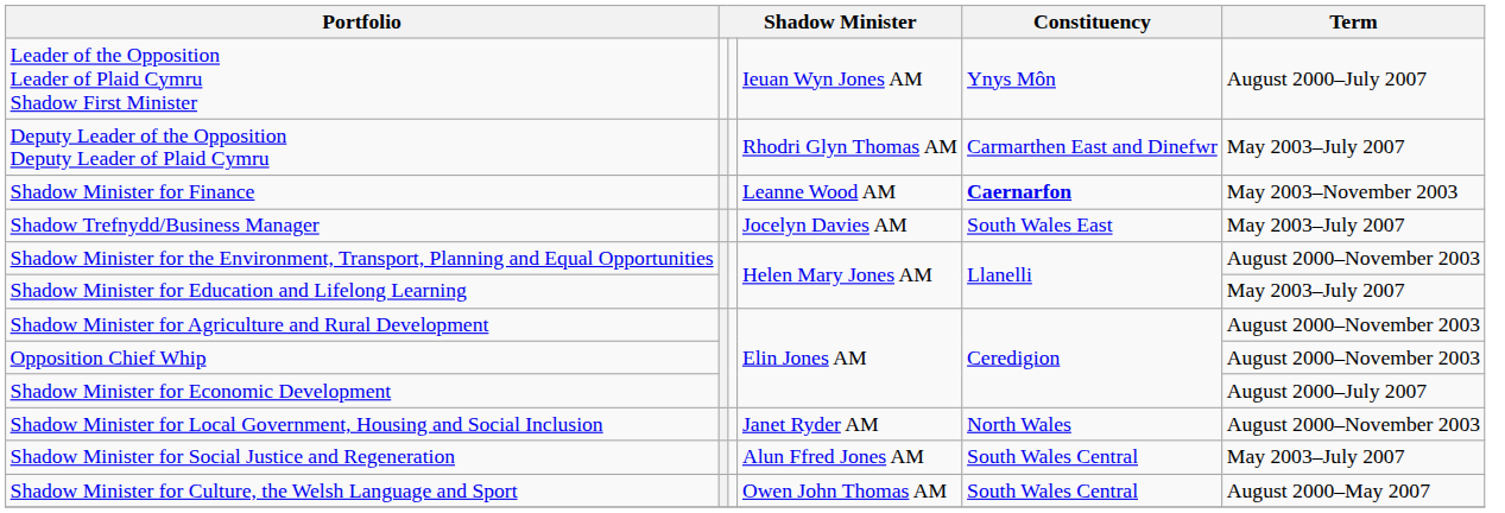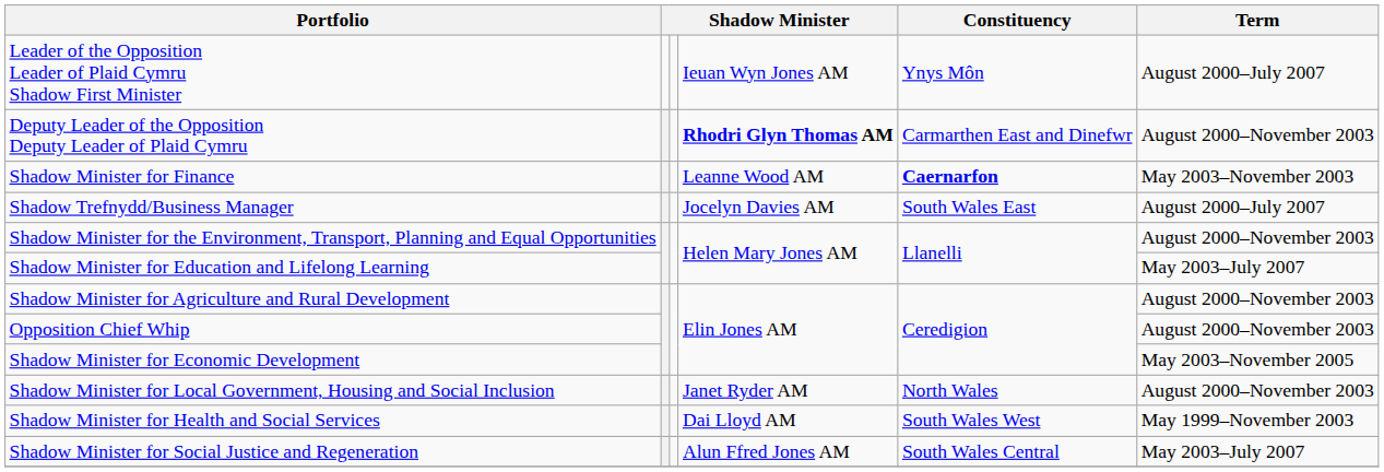 <table class="wikitable">
 <tr>
 <th colspan="1">Portfolio</th>
 <th colspan="3">Shadow Minister</th>
 <th colspan="1">Constituency</th>
 <th colspan="1">Term</th>
 </tr>
 <tr>
 <td><a href='#'>Leader of the Opposition</a><br><a href='#'>Leader of Plaid Cymru</a><br><a href='#'>Shadow First Minister</a></td>
 <td style="background: "></td>
 <td></td>
 <td><a href='#'>Ieuan Wyn Jones</a> AM</td>
 <td><a href='#'>Ynys Môn</a></td>
 <td>August 2000–July 2007</td>
 </tr>
 <tr>
 <td><a href='#'>Deputy Leader of the Opposition</a><br><a href='#'>Deputy Leader of Plaid Cymru</a></td>
 <th style="background: "></th>
 <td></td>
-<td><a href='#'>Rhodri Glyn Thomas</a> AM</td>
+<td><strong><a href='#'>Rhodri Glyn Thomas</a> AM</strong></td>
 <td><a href='#'>Carmarthen East and Dinefwr</a></td>
-<td>May 2003–July 2007</td>
+<td>August 2000–November 2003</td>
 </tr>
 <tr>
 <td><a href='#'>Shadow Minister for Finance</a></td>
 <th style="background: "></th>
 <td></td>
 <td><a href='#'>Leanne Wood</a> AM</td>
 <td><strong><a href='#'>Caernarfon</a></strong></td>
 <td>May 2003–November 2003</td>
 </tr>
 <tr>
 <td><a href='#'>Shadow Trefnydd/Business Manager</a></td>
 <th style="background: "></th>
 <td></td>
 <td><a href='#'>Jocelyn Davies</a> AM</td>
 <td><a href='#'>South Wales East</a></td>
-<td>May 2003–July 2007</td>
+<td>August 2000–July 2007</td>
 </tr>
 <tr>
 <td><a href='#'>Shadow Minister for the Environment, Transport, Planning and Equal Opportunities</a></td>
 <th rowspan="2" style="background-color: "></th>
 <td rowspan="2"></td>
 <td rowspan="2"><a href='#'>Helen Mary Jones</a> AM</td>
 <td rowspan="2"><a href='#'>Llanelli</a></td>
 <td>August 2000–November 2003</td>
 </tr>
 <tr>
 <td><a href='#'>Shadow Minister for Education and Lifelong Learning</a></td>
 <td>May 2003–July 2007</td>
 </tr>
 <tr>
 <td><a href='#'>Shadow Minister for Agriculture and Rural Development</a></td>
 <th rowspan="3" style="background-color: "></th>
 <td rowspan="3"></td>
 <td rowspan="3"><a href='#'>Elin Jones</a> AM</td>
 <td rowspan="3"><a href='#'>Ceredigion</a></td>
 <td>August 2000–November 2003</td>
 </tr>
 <tr>
 <td><a href='#'>Opposition Chief Whip</a></td>
 <td>August 2000–November 2003</td>
 </tr>
 <tr>
 <td><a href='#'>Shadow Minister for Economic Development</a></td>
-<td>August 2000–July 2007</td>
+<td>May 2003–November 2005</td>
 </tr>
 <tr>
 <td><a href='#'>Shadow Minister for Local Government, Housing and Social Inclusion</a></td>
 <th style="background-color: "></th>
 <td></td>
 <td><a href='#'>Janet Ryder</a> AM</td>
 <td><a href='#'>North Wales</a></td>
 <td>August 2000–November 2003</td>
 </tr>
 <tr>
+<td><a href='#'>Shadow Minister for Health and Social Services</a></td>
+<th style="background-color: "></th>
+<td></td>
+<td><a href='#'>Dai Lloyd</a> AM</td>
+<td><a href='#'>South Wales West</a></td>
+<td>May 1999–November 2003</td>
+</tr>
+<tr>
 <td><a href='#'>Shadow Minister for Social Justice and Regeneration</a></td>
 <th style="background-color: "></th>
 <td></td>
 <td><a href='#'>Alun Ffred Jones</a> AM</td>
 <td><a href='#'>South Wales Central</a></td>
 <td>May 2003–July 2007</td>
 </tr>
 <tr>
-<td><a href='#'>Shadow Minister for Culture, the Welsh Language and Sport</a></td>
-<th style="background-color: "></th>
-<td></td>
-<td><a href='#'>Owen John Thomas</a> AM</td>
-<td><a href='#'>South Wales Central</a></td>
-<td>August 2000–May 2007</td>
-</tr>
-<tr>
 </tr>
 </table>
